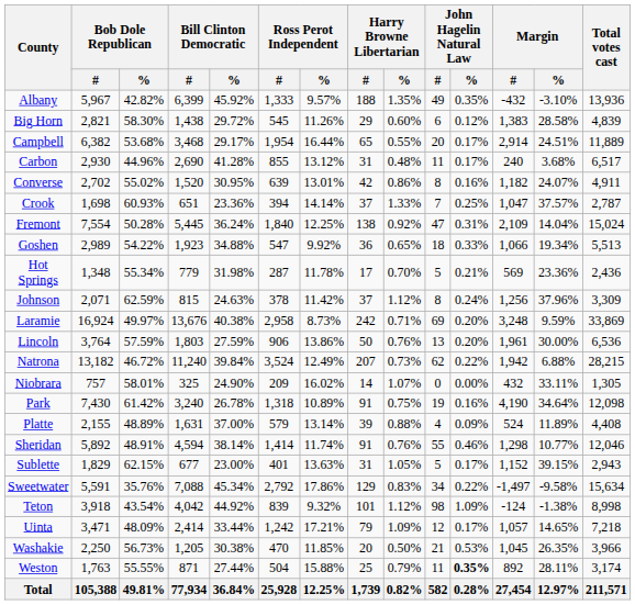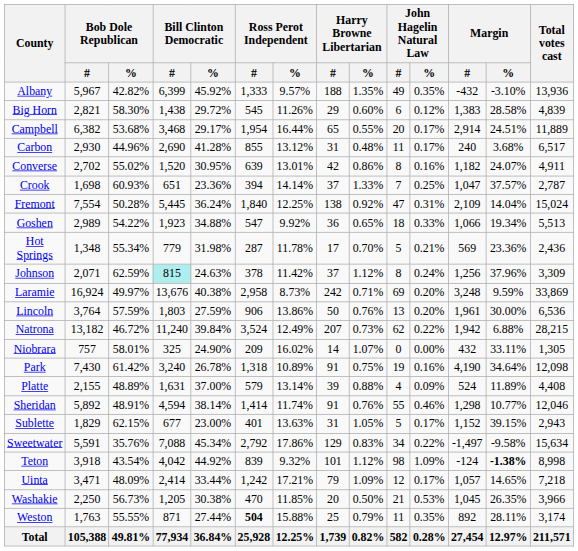 <table width="60%" class="wikitable sortable" style="text-align:center">
 <tr>
 <th style="text-align:center;" rowspan="2">County</th>
 <th style="text-align:center;" colspan="2">Bob Dole<br>Republican</th>
 <th style="text-align:center;" colspan="2">Bill Clinton<br>Democratic</th>
 <th style="text-align:center;" colspan="2">Ross Perot<br>Independent</th>
 <th style="text-align:center;" colspan="2">Harry Browne<br>Libertarian</th>
 <th style="text-align:center;" colspan="2">John Hagelin<br>Natural Law</th>
 <th style="text-align:center;" colspan="2">Margin</th>
 <th style="text-align:center;" rowspan="2" style="text-align:center;">Total votes cast</th>
 </tr>
 <tr>
 <th style="text-align:center;" data-sort-type="number">#</th>
 <th style="text-align:center;" data-sort-type="number">%</th>
 <th style="text-align:center;" data-sort-type="number">#</th>
 <th style="text-align:center;" data-sort-type="number">%</th>
 <th style="text-align:center;" data-sort-type="number">#</th>
 <th style="text-align:center;" data-sort-type="number">%</th>
 <th style="text-align:center;" data-sort-type="number">#</th>
 <th style="text-align:center;" data-sort-type="number">%</th>
 <th style="text-align:center;" data-sort-type="number">#</th>
 <th style="text-align:center;" data-sort-type="number">%</th>
 <th style="text-align:center;" data-sort-type="number">#</th>
 <th style="text-align:center;" data-sort-type="number">%</th>
 </tr>
 <tr style="text-align:center;">
 <td><a href='#'>Albany</a></td>
 <td>5,967</td>
 <td>42.82%</td>
 <td>6,399</td>
 <td>45.92%</td>
 <td>1,333</td>
 <td>9.57%</td>
 <td>188</td>
 <td>1.35%</td>
 <td>49</td>
 <td>0.35%</td>
 <td>-432</td>
 <td>-3.10%</td>
 <td>13,936</td>
 </tr>
 <tr style="text-align:center;">
 <td><a href='#'>Big Horn</a></td>
 <td>2,821</td>
 <td>58.30%</td>
 <td>1,438</td>
 <td>29.72%</td>
 <td>545</td>
 <td>11.26%</td>
 <td>29</td>
 <td>0.60%</td>
 <td>6</td>
 <td>0.12%</td>
 <td>1,383</td>
 <td>28.58%</td>
 <td>4,839</td>
 </tr>
 <tr style="text-align:center;">
 <td><a href='#'>Campbell</a></td>
 <td>6,382</td>
 <td>53.68%</td>
 <td>3,468</td>
 <td>29.17%</td>
 <td>1,954</td>
 <td>16.44%</td>
 <td>65</td>
 <td>0.55%</td>
 <td>20</td>
 <td>0.17%</td>
 <td>2,914</td>
 <td>24.51%</td>
 <td>11,889</td>
 </tr>
 <tr style="text-align:center;">
 <td><a href='#'>Carbon</a></td>
 <td>2,930</td>
 <td>44.96%</td>
 <td>2,690</td>
 <td>41.28%</td>
 <td>855</td>
 <td>13.12%</td>
 <td>31</td>
 <td>0.48%</td>
 <td>11</td>
 <td>0.17%</td>
 <td>240</td>
 <td>3.68%</td>
 <td>6,517</td>
 </tr>
 <tr style="text-align:center;">
 <td><a href='#'>Converse</a></td>
 <td>2,702</td>
 <td>55.02%</td>
 <td>1,520</td>
 <td>30.95%</td>
 <td>639</td>
 <td>13.01%</td>
 <td>42</td>
 <td>0.86%</td>
 <td>8</td>
 <td>0.16%</td>
 <td>1,182</td>
 <td>24.07%</td>
 <td>4,911</td>
 </tr>
 <tr style="text-align:center;">
 <td><a href='#'>Crook</a></td>
 <td>1,698</td>
 <td>60.93%</td>
 <td>651</td>
 <td>23.36%</td>
 <td>394</td>
 <td>14.14%</td>
 <td>37</td>
 <td>1.33%</td>
 <td>7</td>
 <td>0.25%</td>
 <td>1,047</td>
 <td>37.57%</td>
 <td>2,787</td>
 </tr>
 <tr style="text-align:center;">
 <td><a href='#'>Fremont</a></td>
 <td>7,554</td>
 <td>50.28%</td>
 <td>5,445</td>
 <td>36.24%</td>
 <td>1,840</td>
 <td>12.25%</td>
 <td>138</td>
 <td>0.92%</td>
 <td>47</td>
 <td>0.31%</td>
 <td>2,109</td>
 <td>14.04%</td>
 <td>15,024</td>
 </tr>
 <tr style="text-align:center;">
 <td><a href='#'>Goshen</a></td>
 <td>2,989</td>
 <td>54.22%</td>
 <td>1,923</td>
 <td>34.88%</td>
 <td>547</td>
 <td>9.92%</td>
 <td>36</td>
 <td>0.65%</td>
 <td>18</td>
 <td>0.33%</td>
 <td>1,066</td>
 <td>19.34%</td>
 <td>5,513</td>
 </tr>
 <tr style="text-align:center;">
 <td><a href='#'>Hot Springs</a></td>
 <td>1,348</td>
 <td>55.34%</td>
 <td>779</td>
 <td>31.98%</td>
 <td>287</td>
 <td>11.78%</td>
 <td>17</td>
 <td>0.70%</td>
 <td>5</td>
 <td>0.21%</td>
 <td>569</td>
 <td>23.36%</td>
 <td>2,436</td>
 </tr>
 <tr style="text-align:center;">
 <td><a href='#'>Johnson</a></td>
 <td>2,071</td>
 <td>62.59%</td>
-<td>815</td>
+<td style="background: paleturquoise;">815</td>
 <td>24.63%</td>
 <td>378</td>
 <td>11.42%</td>
 <td>37</td>
 <td>1.12%</td>
 <td>8</td>
 <td>0.24%</td>
 <td>1,256</td>
 <td>37.96%</td>
 <td>3,309</td>
 </tr>
 <tr style="text-align:center;">
 <td><a href='#'>Laramie</a></td>
 <td>16,924</td>
 <td>49.97%</td>
 <td>13,676</td>
 <td>40.38%</td>
 <td>2,958</td>
 <td>8.73%</td>
 <td>242</td>
 <td>0.71%</td>
 <td>69</td>
 <td>0.20%</td>
 <td>3,248</td>
 <td>9.59%</td>
 <td>33,869</td>
 </tr>
 <tr style="text-align:center;">
 <td><a href='#'>Lincoln</a></td>
 <td>3,764</td>
 <td>57.59%</td>
 <td>1,803</td>
 <td>27.59%</td>
 <td>906</td>
 <td>13.86%</td>
 <td>50</td>
 <td>0.76%</td>
 <td>13</td>
 <td>0.20%</td>
 <td>1,961</td>
 <td>30.00%</td>
 <td>6,536</td>
 </tr>
 <tr style="text-align:center;">
 <td><a href='#'>Natrona</a></td>
 <td>13,182</td>
 <td>46.72%</td>
 <td>11,240</td>
 <td>39.84%</td>
 <td>3,524</td>
 <td>12.49%</td>
 <td>207</td>
 <td>0.73%</td>
 <td>62</td>
 <td>0.22%</td>
 <td>1,942</td>
 <td>6.88%</td>
 <td>28,215</td>
 </tr>
 <tr style="text-align:center;">
 <td><a href='#'>Niobrara</a></td>
 <td>757</td>
 <td>58.01%</td>
 <td>325</td>
 <td>24.90%</td>
 <td>209</td>
 <td>16.02%</td>
 <td>14</td>
 <td>1.07%</td>
 <td>0</td>
 <td>0.00%</td>
 <td>432</td>
 <td>33.11%</td>
 <td>1,305</td>
 </tr>
 <tr style="text-align:center;">
 <td><a href='#'>Park</a></td>
 <td>7,430</td>
 <td>61.42%</td>
 <td>3,240</td>
 <td>26.78%</td>
 <td>1,318</td>
 <td>10.89%</td>
 <td>91</td>
 <td>0.75%</td>
 <td>19</td>
 <td>0.16%</td>
 <td>4,190</td>
 <td>34.64%</td>
 <td>12,098</td>
 </tr>
 <tr style="text-align:center;">
 <td><a href='#'>Platte</a></td>
 <td>2,155</td>
 <td>48.89%</td>
 <td>1,631</td>
 <td>37.00%</td>
 <td>579</td>
 <td>13.14%</td>
 <td>39</td>
 <td>0.88%</td>
 <td>4</td>
 <td>0.09%</td>
 <td>524</td>
 <td>11.89%</td>
 <td>4,408</td>
 </tr>
 <tr style="text-align:center;">
 <td><a href='#'>Sheridan</a></td>
 <td>5,892</td>
 <td>48.91%</td>
 <td>4,594</td>
 <td>38.14%</td>
 <td>1,414</td>
 <td>11.74%</td>
 <td>91</td>
 <td>0.76%</td>
 <td>55</td>
 <td>0.46%</td>
 <td>1,298</td>
 <td>10.77%</td>
 <td>12,046</td>
 </tr>
 <tr style="text-align:center;">
 <td><a href='#'>Sublette</a></td>
 <td>1,829</td>
 <td>62.15%</td>
 <td>677</td>
 <td>23.00%</td>
 <td>401</td>
 <td>13.63%</td>
 <td>31</td>
 <td>1.05%</td>
 <td>5</td>
 <td>0.17%</td>
 <td>1,152</td>
 <td>39.15%</td>
 <td>2,943</td>
 </tr>
 <tr style="text-align:center;">
 <td><a href='#'>Sweetwater</a></td>
 <td>5,591</td>
 <td>35.76%</td>
 <td>7,088</td>
 <td>45.34%</td>
 <td>2,792</td>
 <td>17.86%</td>
 <td>129</td>
 <td>0.83%</td>
 <td>34</td>
 <td>0.22%</td>
 <td>-1,497</td>
 <td>-9.58%</td>
 <td>15,634</td>
 </tr>
 <tr style="text-align:center;">
 <td><a href='#'>Teton</a></td>
 <td>3,918</td>
 <td>43.54%</td>
 <td>4,042</td>
 <td>44.92%</td>
 <td>839</td>
 <td>9.32%</td>
 <td>101</td>
 <td>1.12%</td>
 <td>98</td>
 <td>1.09%</td>
 <td>-124</td>
-<td>-1.38%</td>
+<td><strong>-1.38%</strong></td>
 <td>8,998</td>
 </tr>
 <tr style="text-align:center;">
 <td><a href='#'>Uinta</a></td>
 <td>3,471</td>
 <td>48.09%</td>
 <td>2,414</td>
 <td>33.44%</td>
 <td>1,242</td>
 <td>17.21%</td>
 <td>79</td>
 <td>1.09%</td>
 <td>12</td>
 <td>0.17%</td>
 <td>1,057</td>
 <td>14.65%</td>
 <td>7,218</td>
 </tr>
 <tr style="text-align:center;">
 <td><a href='#'>Washakie</a></td>
 <td>2,250</td>
 <td>56.73%</td>
 <td>1,205</td>
 <td>30.38%</td>
 <td>470</td>
 <td>11.85%</td>
 <td>20</td>
 <td>0.50%</td>
 <td>21</td>
 <td>0.53%</td>
 <td>1,045</td>
 <td>26.35%</td>
 <td>3,966</td>
 </tr>
 <tr style="text-align:center;">
 <td><a href='#'>Weston</a></td>
 <td>1,763</td>
 <td>55.55%</td>
 <td>871</td>
 <td>27.44%</td>
-<td>504</td>
+<td><strong>504</strong></td>
 <td>15.88%</td>
 <td>25</td>
 <td>0.79%</td>
 <td>11</td>
-<td><strong>0.35%</strong></td>
+<td>0.35%</td>
 <td>892</td>
 <td>28.11%</td>
 <td>3,174</td>
 </tr>
 <tr style="text-align:center;">
 <th>Total</th>
 <th>105,388</th>
 <th>49.81%</th>
 <th>77,934</th>
 <th>36.84%</th>
 <th>25,928</th>
 <th>12.25%</th>
 <th>1,739</th>
 <th>0.82%</th>
 <th>582</th>
 <th>0.28%</th>
 <th>27,454</th>
 <th>12.97%</th>
 <th>211,571</th>
 </tr>
 </table>
